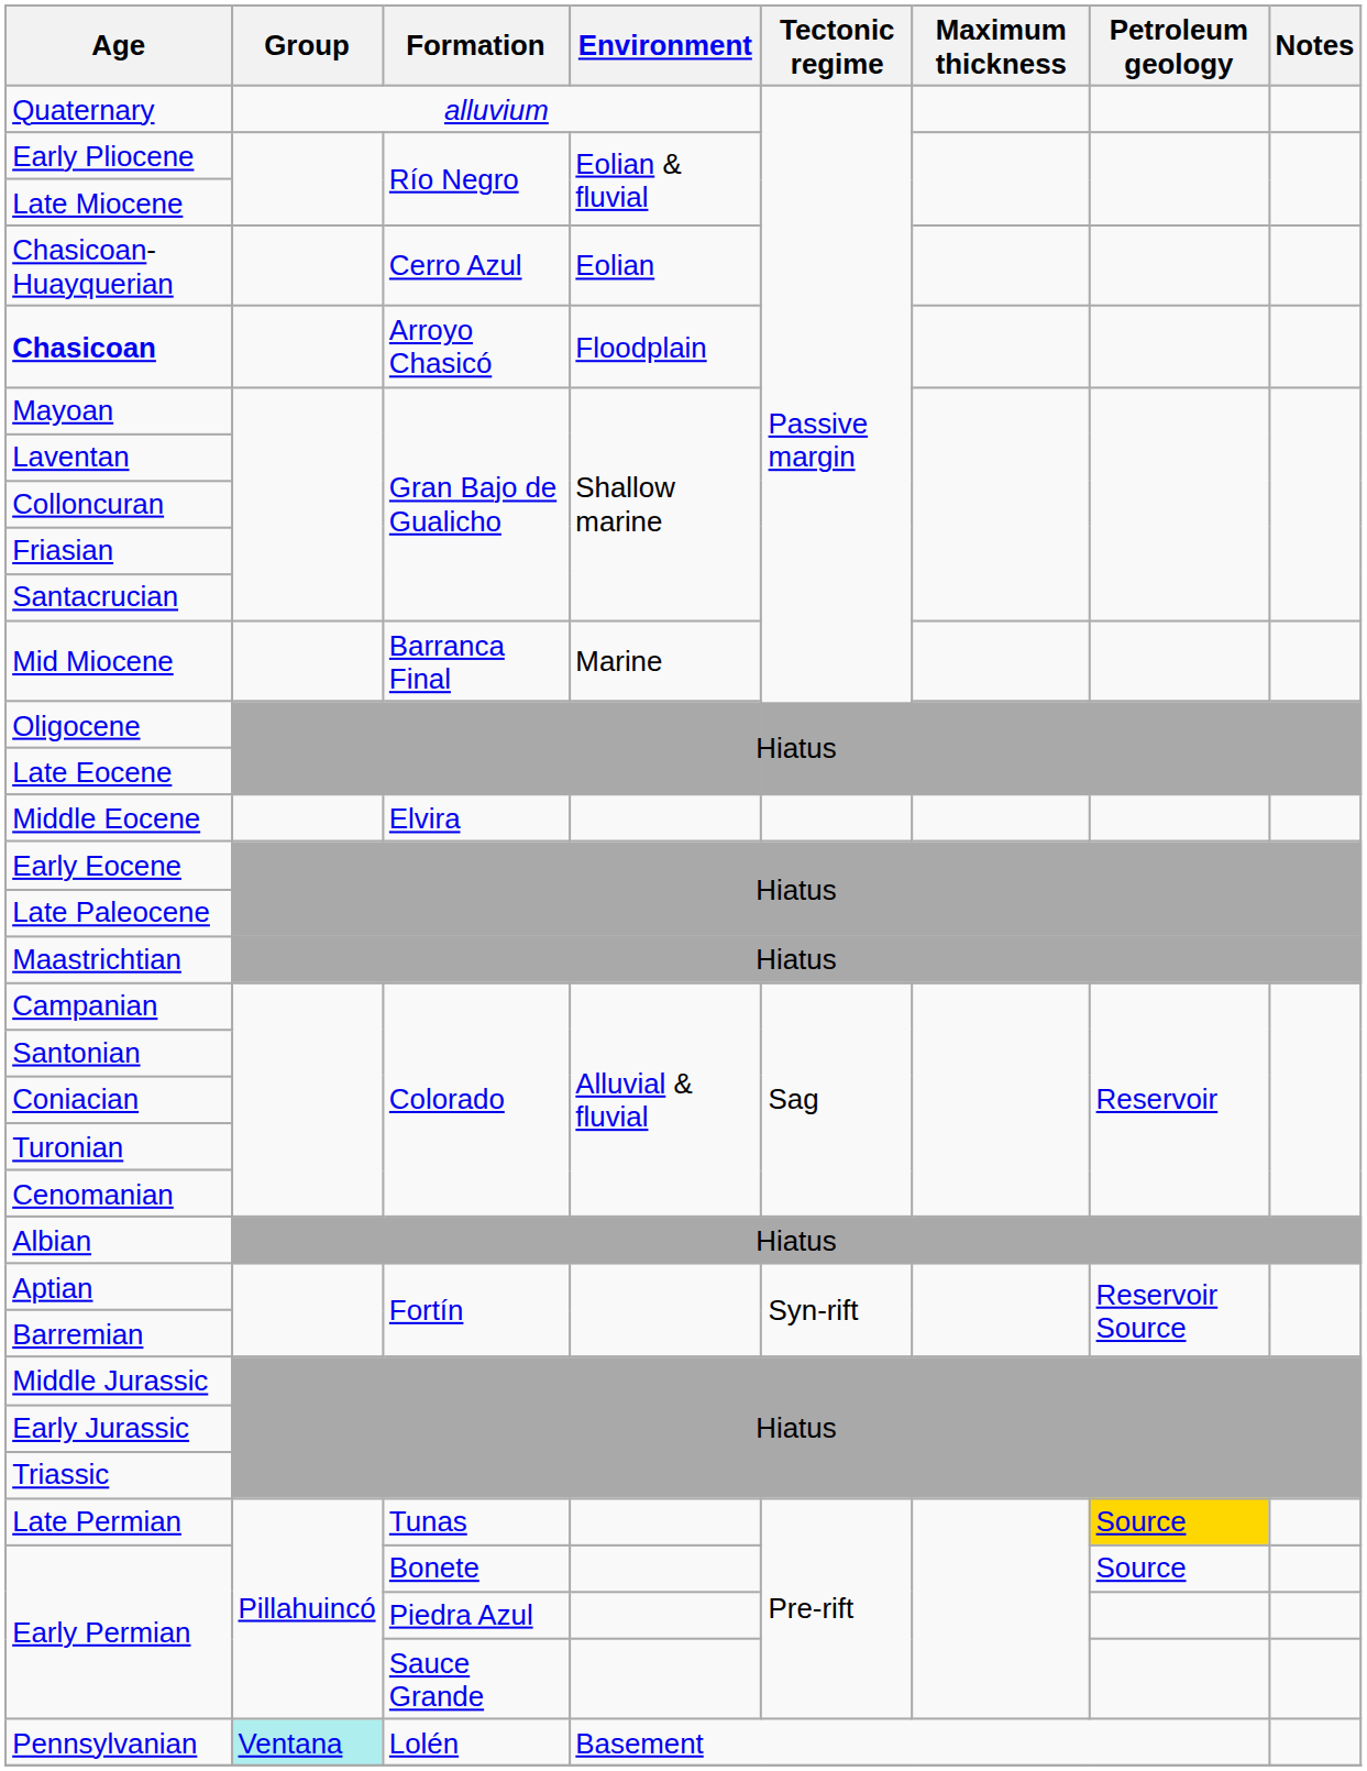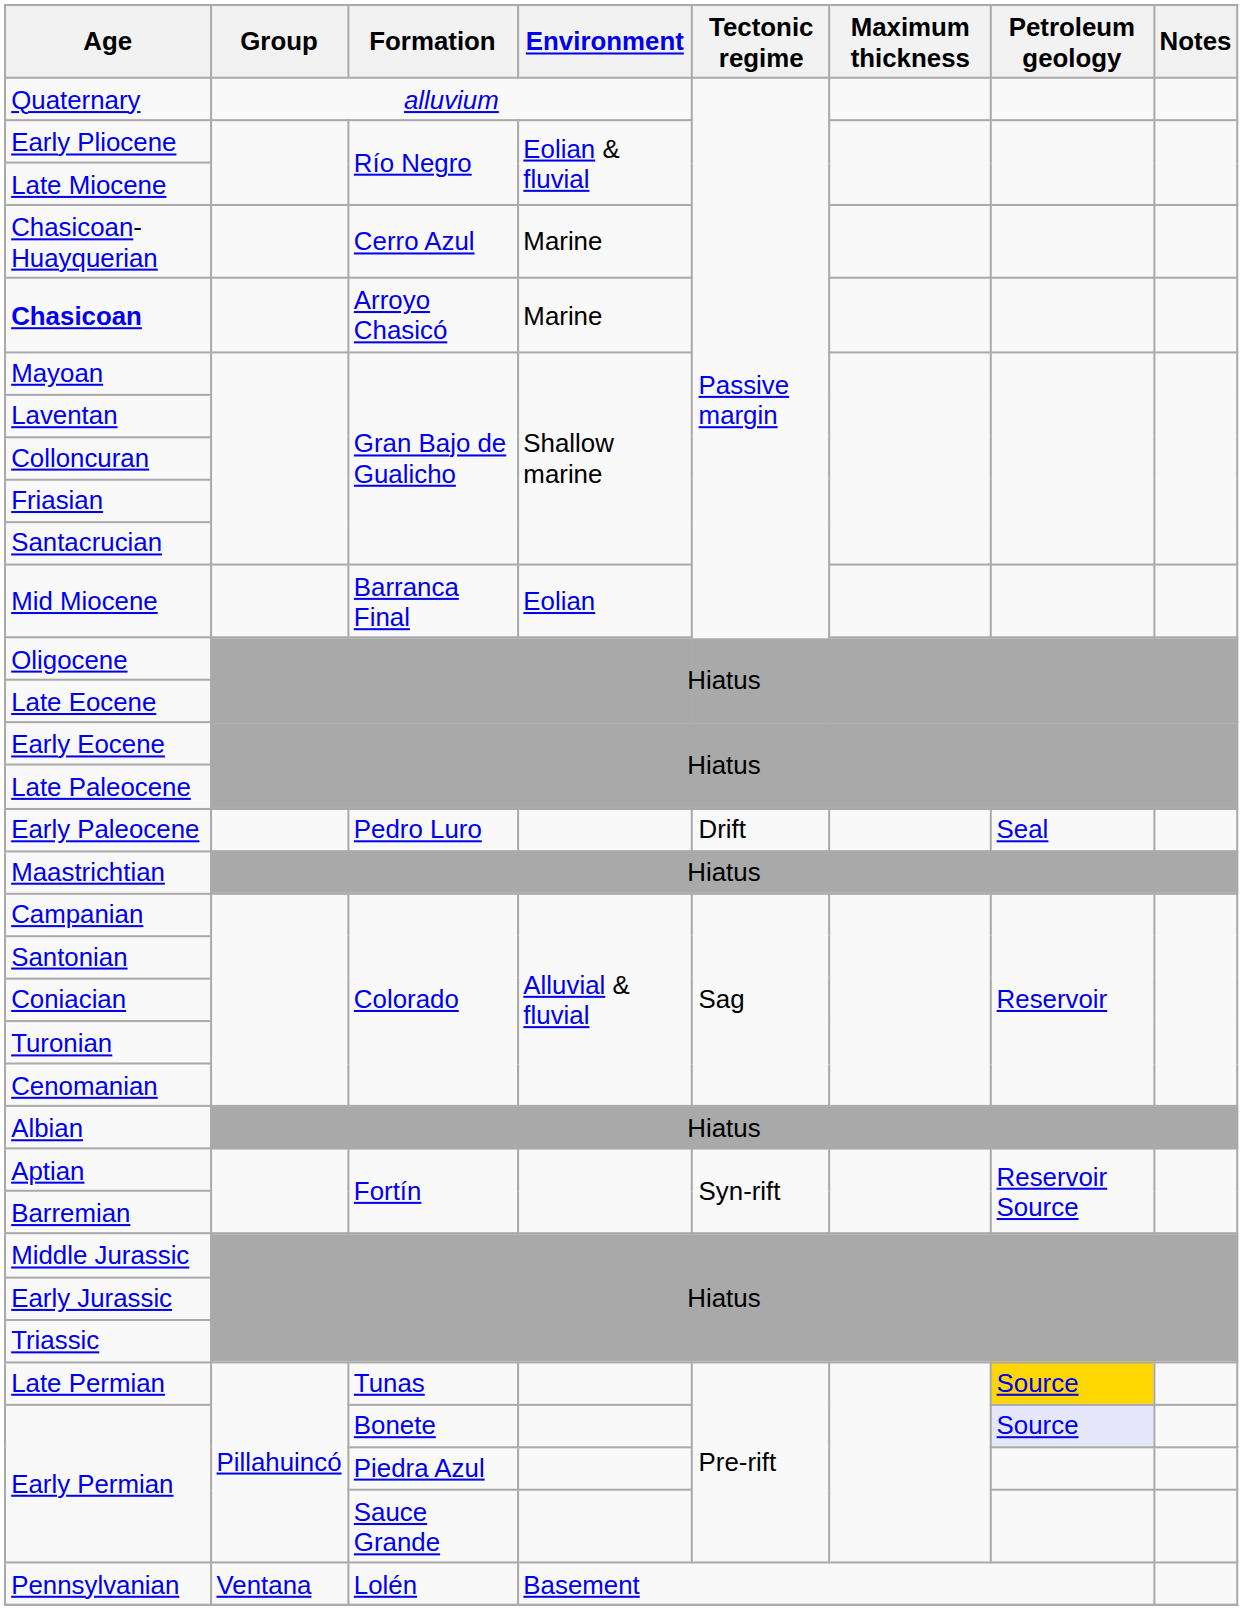 <table class="wikitable" style="font-size:80%">
 <tr>
 <th>Age</th>
 <th>Group</th>
 <th>Formation</th>
 <th><a href='#'>Environment</a></th>
 <th>Tectonic regime</th>
 <th>Maximum thickness</th>
 <th>Petroleum geology</th>
 <th>Notes</th>
 </tr>
 <tr>
 <td style="background-color: "><a href='#'>Quaternary</a></td>
 <td colspan=3 align=center><em><a href='#'>alluvium</a></em></td>
 <td rowspan=13><a href='#'>Passive margin</a></td>
 <td></td>
 <td></td>
 <td align=center></td>
 </tr>
 <tr>
 <td style="background-color: "><a href='#'>Early Pliocene</a></td>
 <td rowspan=2></td>
 <td rowspan=2><a href='#'>Río Negro</a></td>
 <td rowspan=2><a href='#'>Eolian</a> & <a href='#'>fluvial</a></td>
 <td rowspan=2  align=center></td>
 <td rowspan=2></td>
 <td align=center rowspan=2></td>
 </tr>
 <tr>
 <td style="background-color: "><a href='#'>Late Miocene</a></td>
 </tr>
 <tr>
 <td style="background-color: "><a href='#'>Chasicoan</a>-<a href='#'>Huayquerian</a></td>
 <td></td>
 <td><a href='#'>Cerro Azul</a></td>
-<td><a href='#'>Eolian</a></td>
+<td>Marine</td>
 <td align=center></td>
 <td></td>
 <td align=center></td>
 </tr>
 <tr>
 <td style="background-color: "><strong><a href='#'>Chasicoan</a></strong></td>
 <td></td>
 <td><a href='#'>Arroyo Chasicó</a></td>
-<td><a href='#'>Floodplain</a></td>
+<td>Marine</td>
 <td></td>
 <td></td>
 <td align=center></td>
 </tr>
 <tr>
 <td style="background-color: "><a href='#'>Mayoan</a></td>
 <td rowspan=5></td>
 <td rowspan=5><a href='#'>Gran Bajo de Gualicho</a></td>
 <td rowspan=5>Shallow marine</td>
 <td rowspan=5 align=center></td>
 <td rowspan=5></td>
 <td align=center rowspan=5></td>
 </tr>
 <tr>
 <td style="background-color: "><a href='#'>Laventan</a></td>
 </tr>
 <tr>
 <td style="background-color: "><a href='#'>Colloncuran</a></td>
 </tr>
 <tr>
 <td style="background-color: "><a href='#'>Friasian</a></td>
 </tr>
 <tr>
 <td style="background-color: "><a href='#'>Santacrucian</a></td>
 </tr>
 <tr>
 <td style="background-color: "><a href='#'>Mid Miocene</a></td>
 <td></td>
 <td><a href='#'>Barranca Final</a></td>
-<td>Marine</td>
+<td><a href='#'>Eolian</a></td>
 <td align=center></td>
 <td></td>
 <td align=center></td>
 </tr>
 <tr>
 <td style="background-color: "><a href='#'>Oligocene</a></td>
 <td rowspan=2 colspan=7 align=center style="background-color: darkgrey;">Hiatus</td>
 </tr>
 <tr>
 <td style="background-color: "><a href='#'>Late Eocene</a></td>
 </tr>
 <tr>
-<td style="background-color: "><a href='#'>Middle Eocene</a></td>
-<td></td>
-<td><a href='#'>Elvira</a></td>
-<td></td>
-<td></td>
-<td></td>
-<td></td>
-<td align=center></td>
-</tr>
-<tr>
 <td style="background-color: "><a href='#'>Early Eocene</a></td>
 <td rowspan=2 colspan=7 align=center style="background-color: darkgrey;">Hiatus</td>
 </tr>
 <tr>
 <td style="background-color: "><a href='#'>Late Paleocene</a></td>
+</tr>
+<tr>
+<td style="background-color: "><a href='#'>Early Paleocene</a></td>
+<td></td>
+<td><a href='#'>Pedro Luro</a></td>
+<td></td>
+<td>Drift</td>
+<td></td>
+<td><a href='#'>Seal</a></td>
+<td align=center></td>
 </tr>
 <tr>
 <td style="background-color: "><a href='#'>Maastrichtian</a></td>
 <td colspan=7 align=center style="background-color: darkgrey;">Hiatus</td>
 </tr>
 <tr>
 <td style="background-color: "><a href='#'>Campanian</a></td>
 <td rowspan=5></td>
 <td rowspan=5><a href='#'>Colorado</a></td>
 <td rowspan=5><a href='#'>Alluvial</a> & <a href='#'>fluvial</a></td>
 <td rowspan=5>Sag</td>
 <td rowspan=5></td>
 <td rowspan=5><a href='#'>Reservoir</a></td>
 <td rowspan=5 align=center></td>
 </tr>
 <tr>
 <td style="background-color: "><a href='#'>Santonian</a></td>
 </tr>
 <tr>
 <td style="background-color: "><a href='#'>Coniacian</a></td>
 </tr>
 <tr>
 <td style="background-color: "><a href='#'>Turonian</a></td>
 </tr>
 <tr>
 <td style="background-color: "><a href='#'>Cenomanian</a></td>
 </tr>
 <tr>
 <td style="background-color: "><a href='#'>Albian</a></td>
 <td colspan=7 align=center style="background-color: darkgrey;">Hiatus</td>
 </tr>
 <tr>
 <td style="background-color: "><a href='#'>Aptian</a></td>
 <td rowspan=2></td>
 <td rowspan=2><a href='#'>Fortín</a></td>
 <td rowspan=2></td>
 <td rowspan=2>Syn-rift</td>
 <td rowspan=2></td>
 <td rowspan=2><a href='#'>Reservoir</a><br><a href='#'>Source</a></td>
 <td rowspan=2 align=center></td>
 </tr>
 <tr>
 <td style="background-color: "><a href='#'>Barremian</a></td>
 </tr>
 <tr>
 <td style="background-color: "><a href='#'>Middle Jurassic</a></td>
 <td colspan=7 rowspan=3 align=center style="background-color: darkgrey;">Hiatus</td>
 </tr>
 <tr>
 <td style="background-color: "><a href='#'>Early Jurassic</a></td>
 </tr>
 <tr>
 <td style="background-color: "><a href='#'>Triassic</a></td>
 </tr>
 <tr>
 <td style="background-color: "><a href='#'>Late Permian</a></td>
 <td rowspan=4><a href='#'>Pillahuincó</a></td>
 <td><a href='#'>Tunas</a></td>
 <td></td>
 <td rowspan=4>Pre-rift</td>
 <td rowspan=4 align=center></td>
 <td style="background: gold;"><a href='#'>Source</a></td>
 <td align=center></td>
 </tr>
 <tr>
 <td rowspan=3 style="background-color: "><a href='#'>Early Permian</a></td>
 <td><a href='#'>Bonete</a></td>
 <td></td>
-<td><a href='#'>Source</a></td>
+<td style="background: lavender;"><a href='#'>Source</a></td>
 <td align=center></td>
 </tr>
 <tr>
 <td><a href='#'>Piedra Azul</a></td>
 <td></td>
 <td></td>
 <td align=center></td>
 </tr>
 <tr>
 <td><a href='#'>Sauce Grande</a></td>
 <td></td>
 <td></td>
 <td align=center></td>
 </tr>
 <tr>
 <td style="background-color: "><a href='#'>Pennsylvanian</a></td>
-<td style="background: paleturquoise;"><a href='#'>Ventana</a></td>
+<td><a href='#'>Ventana</a></td>
 <td><a href='#'>Lolén</a></td>
 <td colspan=4><a href='#'>Basement</a></td>
 <td align=center></td>
 </tr>
 <tr>
 </tr>
 </table>
